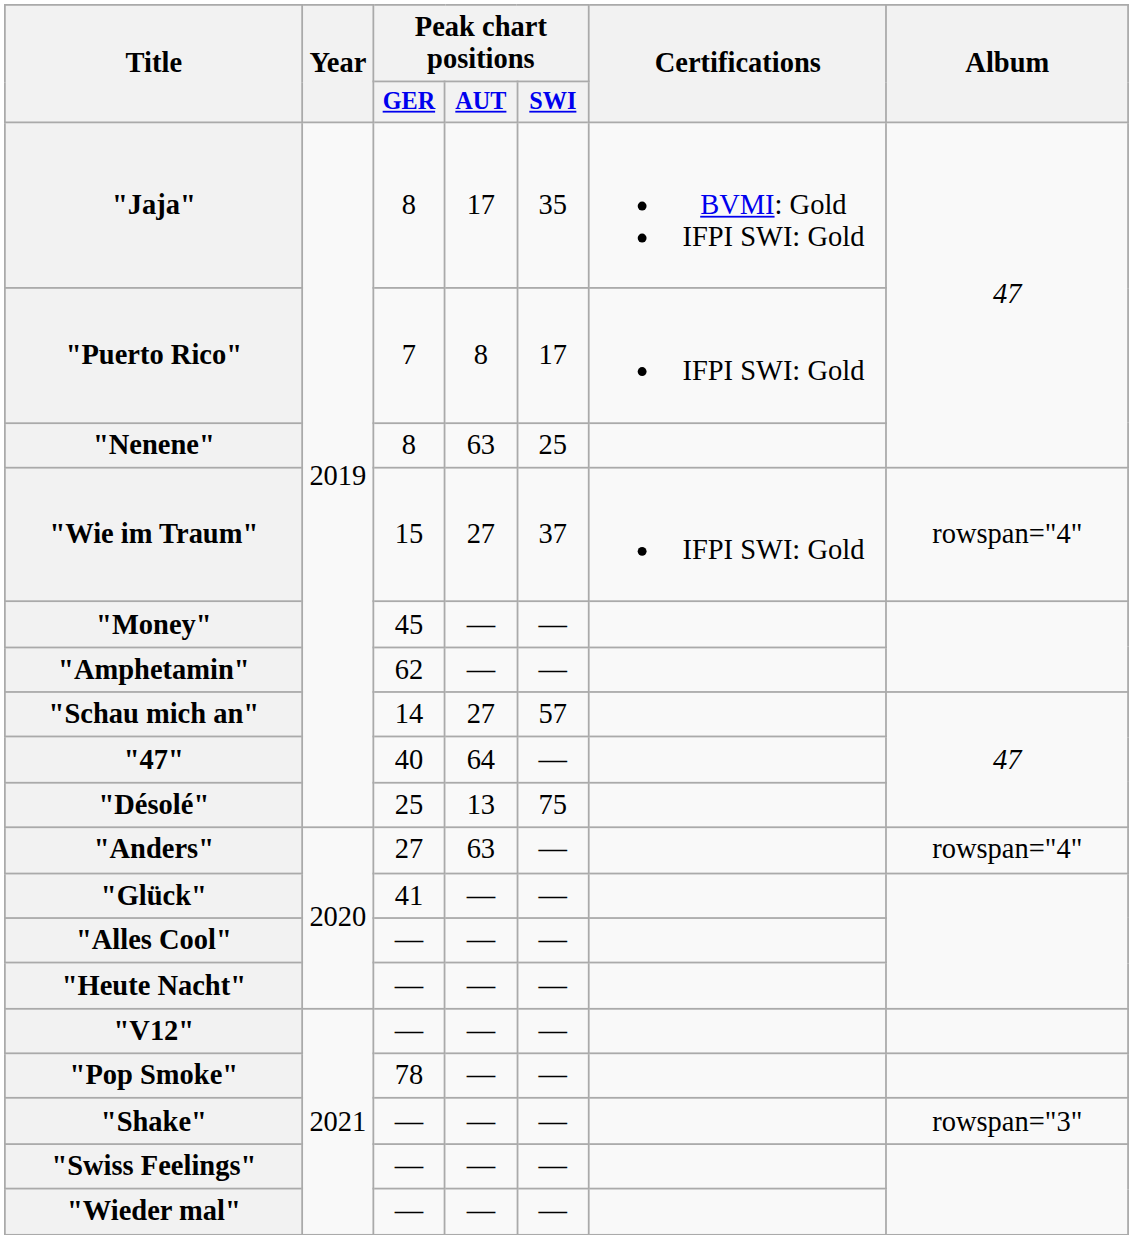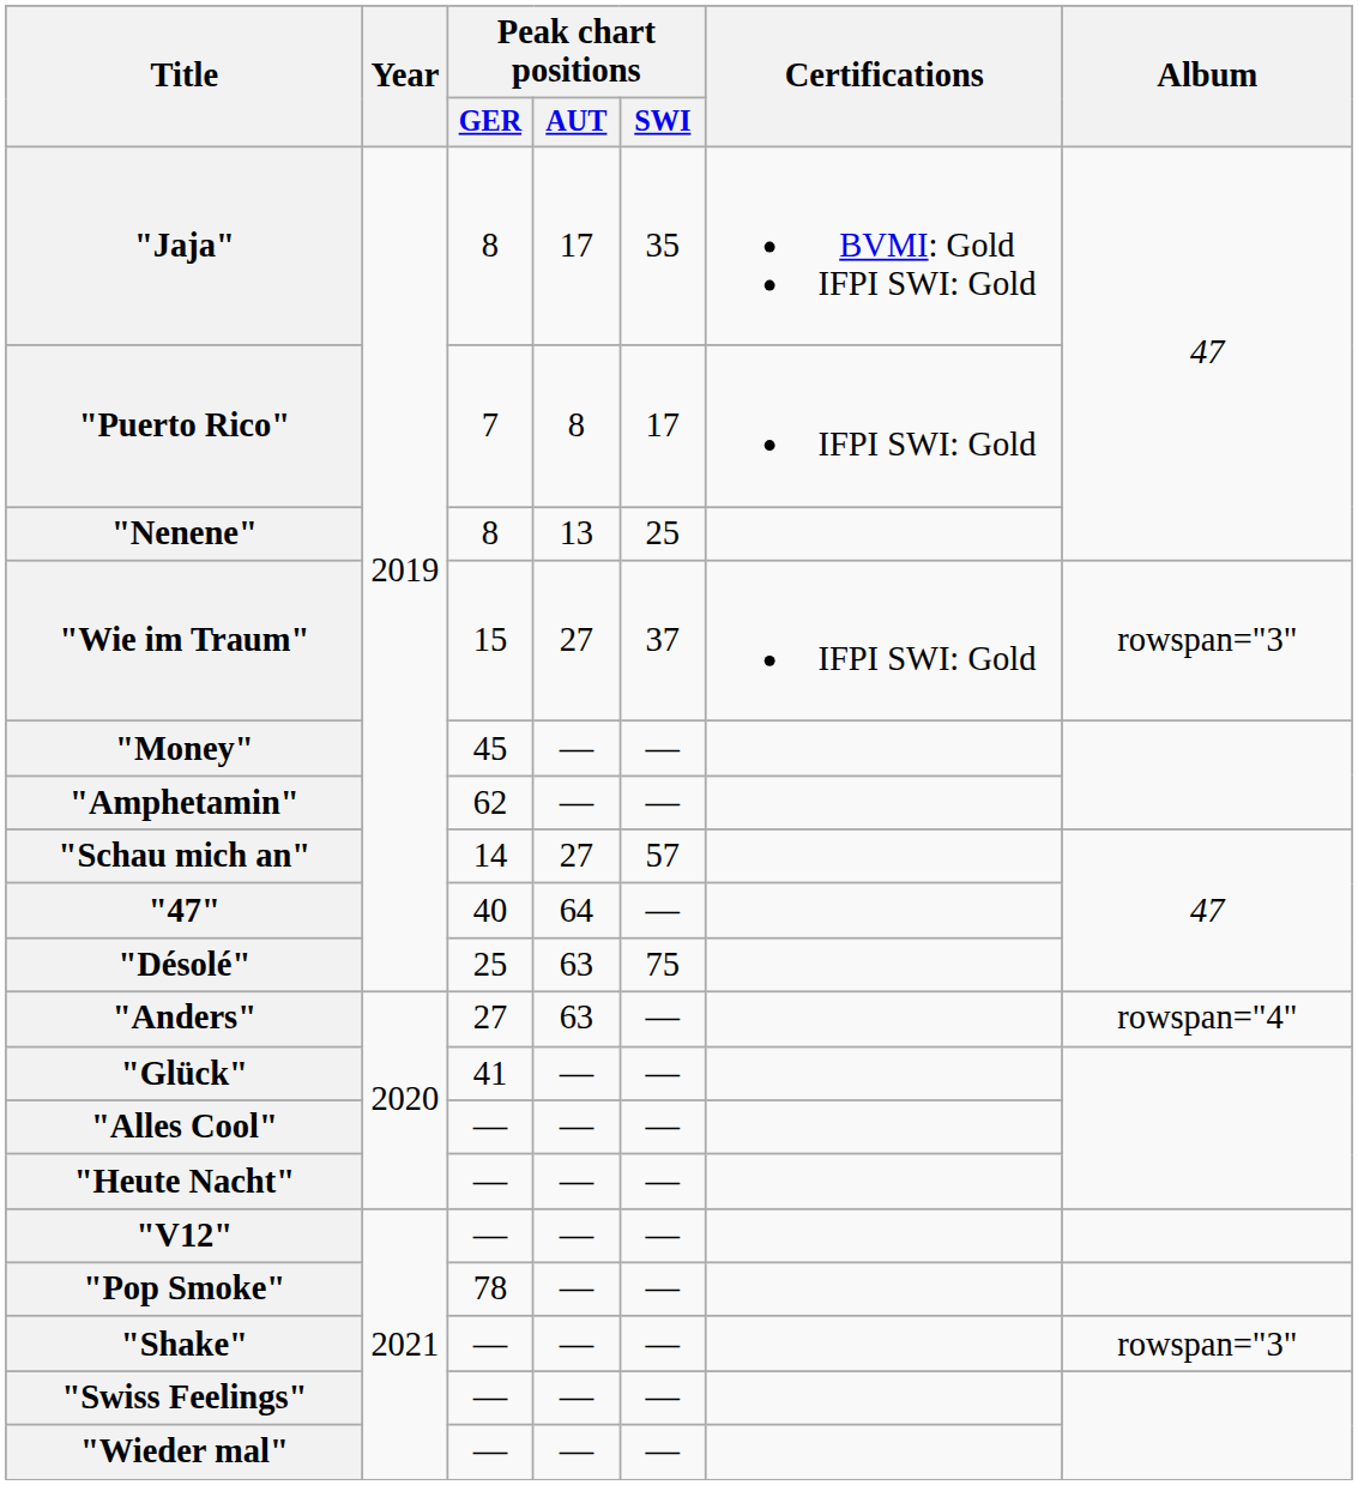 <table class="wikitable plainrowheaders" style="text-align:center;">
 <tr>
 <th scope="col" rowspan="2" style="width:10em;">Title</th>
 <th scope="col" rowspan="2" style="width:1em;">Year</th>
 <th scope="col" colspan="3">Peak chart positions</th>
 <th scope="col" rowspan="2" style="width:10em;">Certifications</th>
 <th scope="col" rowspan="2" style="width:8em;">Album</th>
 </tr>
 <tr>
 <th style="width:2.5em; font-size:85%"><a href='#'>GER</a><br></th>
 <th style="width:2.5em; font-size:85%"><a href='#'>AUT</a><br></th>
 <th style="width:2.5em; font-size:85%"><a href='#'>SWI</a><br></th>
 </tr>
 <tr>
 <th scope="row">"Jaja"</th>
 <td rowspan="9">2019</td>
 <td>8</td>
 <td>17</td>
 <td>35</td>
 <td><br><ul><li><a href='#'>BVMI</a>: Gold</li><li>IFPI SWI: Gold</li></ul></td>
 <td rowspan="3"><em>47</em></td>
 </tr>
 <tr>
 <th scope="row">"Puerto Rico"</th>
 <td>7</td>
 <td>8</td>
 <td>17</td>
 <td><br><ul><li>IFPI SWI: Gold</li></ul></td>
 </tr>
 <tr>
 <th scope="row">"Nenene"</th>
 <td>8</td>
-<td>63</td>
+<td>13</td>
 <td>25</td>
 <td></td>
 </tr>
 <tr>
 <th scope="row">"Wie im Traum"<br></th>
 <td>15</td>
 <td>27</td>
 <td>37</td>
 <td><br><ul><li>IFPI SWI: Gold</li></ul></td>
-<td>rowspan="4"  </td>
+<td>rowspan="3" </td>
 </tr>
 <tr>
 <th scope="row">"Money"</th>
 <td>45</td>
 <td>—</td>
 <td>—</td>
 <td></td>
 </tr>
 <tr>
 <th scope="row">"Amphetamin"</th>
 <td>62</td>
 <td>—</td>
 <td>—</td>
 <td></td>
 </tr>
 <tr>
 <th scope="row">"Schau mich an"</th>
 <td>14</td>
 <td>27</td>
 <td>57</td>
 <td></td>
 <td rowspan="3"><em>47</em></td>
 </tr>
 <tr>
 <th scope="row">"47"</th>
 <td>40</td>
 <td>64</td>
 <td>—</td>
 <td></td>
 </tr>
 <tr>
 <th scope="row">"Désolé"</th>
 <td>25</td>
-<td>13</td>
+<td>63</td>
 <td>75</td>
 <td></td>
 </tr>
 <tr>
 <th scope="row">"Anders"</th>
 <td rowspan="4">2020</td>
 <td>27</td>
 <td>63</td>
 <td>—</td>
 <td></td>
 <td>rowspan="4"  </td>
 </tr>
 <tr>
 <th scope="row">"Glück"</th>
 <td>41</td>
 <td>—</td>
 <td>—</td>
 <td></td>
 </tr>
 <tr>
 <th scope="row">"Alles Cool"</th>
 <td>—</td>
 <td>—</td>
 <td>—</td>
 <td></td>
 </tr>
 <tr>
 <th scope="row">"Heute Nacht"<br></th>
 <td>—</td>
 <td>—</td>
 <td>—</td>
 <td></td>
 </tr>
 <tr>
 <th scope="row">"V12"</th>
 <td rowspan="5">2021</td>
 <td>—</td>
 <td>—</td>
 <td>—</td>
 <td></td>
 <td></td>
 </tr>
 <tr>
 <th scope="row">"Pop Smoke"<br></th>
 <td>78</td>
 <td>—</td>
 <td>—</td>
 <td></td>
 <td></td>
 </tr>
 <tr>
 <th scope="row">"Shake"<br></th>
 <td>—</td>
 <td>—</td>
 <td>—</td>
 <td></td>
 <td>rowspan="3" </td>
 </tr>
 <tr>
 <th scope="row">"Swiss Feelings"</th>
 <td>—</td>
 <td>—</td>
 <td>—</td>
 <td></td>
 </tr>
 <tr>
 <th scope="row">"Wieder mal"</th>
 <td>—</td>
 <td>—</td>
 <td>—</td>
 <td></td>
 </tr>
 <tr>
 </tr>
 </table>
